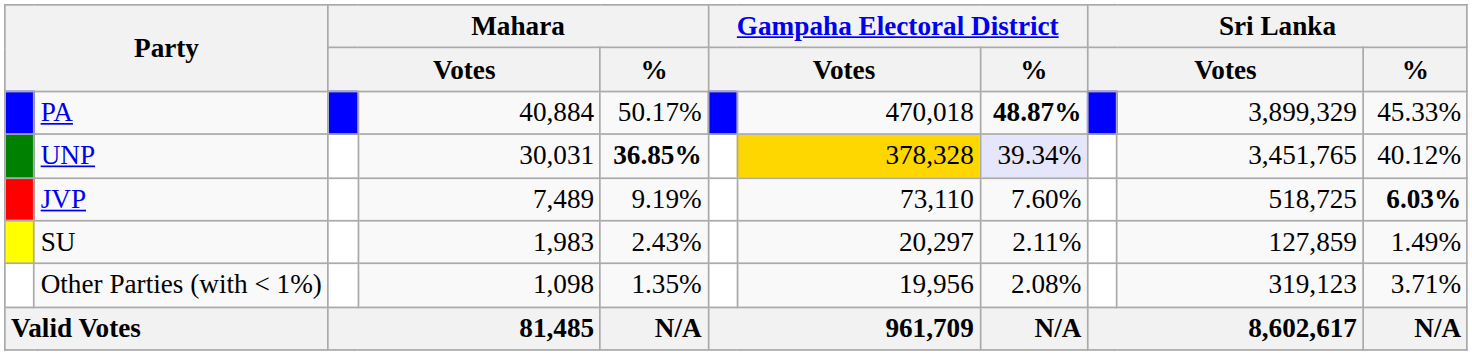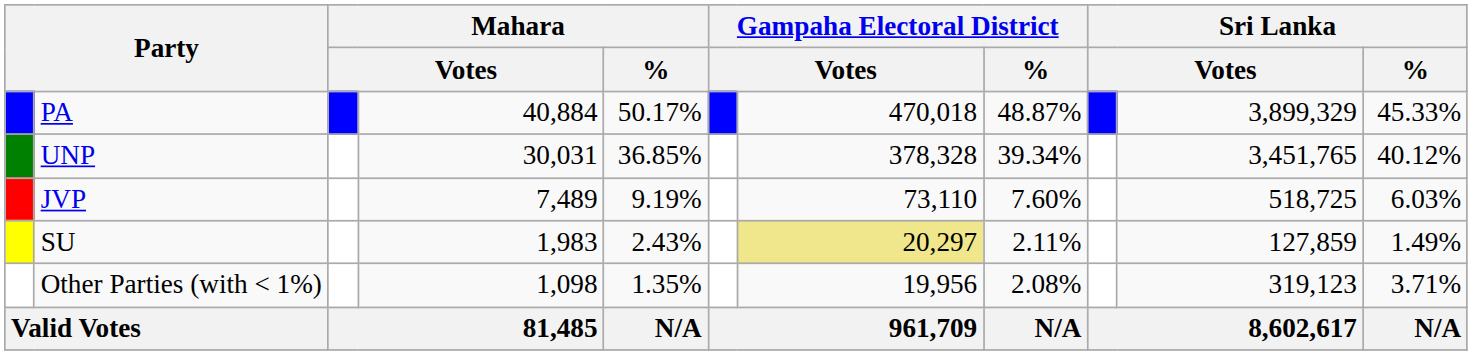 <table class="wikitable">
 <tr>
 <th colspan="2" width="144px"rowspan="2">Party</th>
 <th colspan="3" width="216px">Mahara</th>
 <th colspan="3" width="216px"><a href='#'>Gampaha Electoral District</a></th>
 <th colspan="3" width="216px">Sri Lanka</th>
 </tr>
 <tr>
 <th colspan="2" width="144px">Votes</th>
 <th>%</th>
 <th colspan="2" width="144px">Votes</th>
 <th>%</th>
 <th colspan="2" width="144px">Votes</th>
 <th>%</th>
 </tr>
 <tr>
 <td style="background-color:blue;" width="10px"></td>
 <td style="text-align:left;"><a href='#'>PA</a></td>
 <td style="background-color:blue;" width="10px"></td>
 <td style="text-align:right;">40,884</td>
 <td style="text-align:right;">50.17%</td>
 <td style="background-color:blue;" width="10px"></td>
 <td style="text-align:right;">470,018</td>
-<td style="text-align:right;"><strong>48.87%</strong></td>
+<td style="text-align:right;">48.87%</td>
 <td style="background-color:blue;" width="10px"></td>
 <td style="text-align:right;">3,899,329</td>
 <td style="text-align:right;">45.33%</td>
 </tr>
 <tr>
 <td style="background-color:green;" width="10px"></td>
 <td style="text-align:left;"><a href='#'>UNP</a></td>
 <td style="background-color:white;" width="10px"></td>
 <td style="text-align:right;">30,031</td>
-<td style="text-align:right;"><strong>36.85%</strong></td>
+<td style="text-align:right;">36.85%</td>
 <td style="background-color:white;" width="10px"></td>
-<td style="background: gold; text-align:right;">378,328</td>
-<td style="background: lavender; text-align:right;">39.34%</td>
+<td style="text-align:right;">378,328</td>
+<td style="text-align:right;">39.34%</td>
 <td style="background-color:white;" width="10px"></td>
 <td style="text-align:right;">3,451,765</td>
 <td style="text-align:right;">40.12%</td>
 </tr>
 <tr>
 <td style="background-color:red;" width="10px"></td>
 <td style="text-align:left;"><a href='#'>JVP</a></td>
 <td style="background-color:white;" width="10px"></td>
 <td style="text-align:right;">7,489</td>
 <td style="text-align:right;">9.19%</td>
 <td style="background-color:white;" width="10px"></td>
 <td style="text-align:right;">73,110</td>
 <td style="text-align:right;">7.60%</td>
 <td style="background-color:white;" width="10px"></td>
 <td style="text-align:right;">518,725</td>
-<td style="text-align:right;"><strong>6.03%</strong></td>
+<td style="text-align:right;">6.03%</td>
 </tr>
 <tr>
 <td style="background-color:yellow;" width="10px"></td>
 <td style="text-align:left;">SU</td>
 <td style="background-color:white;" width="10px"></td>
 <td style="text-align:right;">1,983</td>
 <td style="text-align:right;">2.43%</td>
 <td style="background-color:white;" width="10px"></td>
-<td style="text-align:right;">20,297</td>
+<td style="background: khaki; text-align:right;">20,297</td>
 <td style="text-align:right;">2.11%</td>
 <td style="background-color:white;" width="10px"></td>
 <td style="text-align:right;">127,859</td>
 <td style="text-align:right;">1.49%</td>
 </tr>
 <tr>
 <td style="background-color:white;" width="10px"></td>
 <td style="text-align:left;">Other Parties (with < 1%)</td>
 <td style="background-color:white;" width="10px"></td>
 <td style="text-align:right;">1,098</td>
 <td style="text-align:right;">1.35%</td>
 <td style="background-color:white;" width="10px"></td>
 <td style="text-align:right;">19,956</td>
 <td style="text-align:right;">2.08%</td>
 <td style="background-color:white;" width="10px"></td>
 <td style="text-align:right;">319,123</td>
 <td style="text-align:right;">3.71%</td>
 </tr>
 <tr>
 <th colspan="2" width="144px"style="text-align:left;">Valid Votes</th>
 <th style="text-align:right;"colspan="2" width="144px">81,485</th>
 <th style="text-align:right;">N/A</th>
 <th style="text-align:right;"colspan="2" width="144px">961,709</th>
 <th style="text-align:right;">N/A</th>
 <th style="text-align:right;"colspan="2" width="144px">8,602,617</th>
 <th style="text-align:right;">N/A</th>
 </tr>
 </table>
